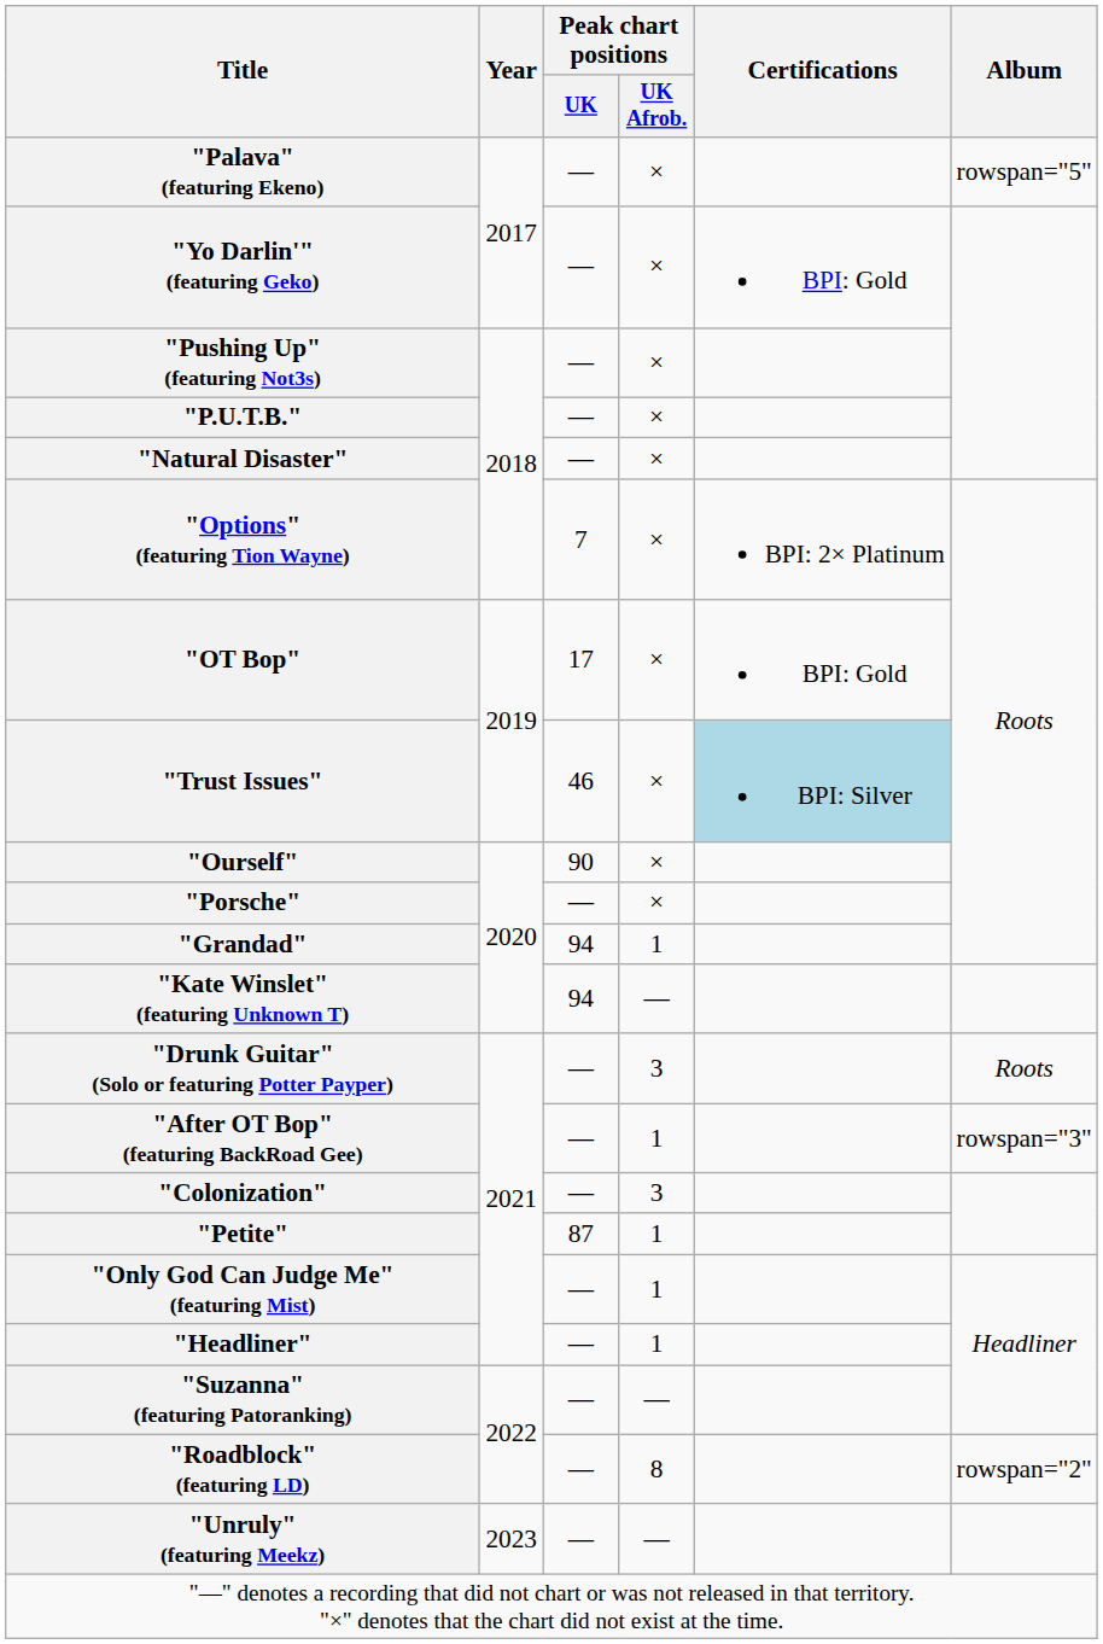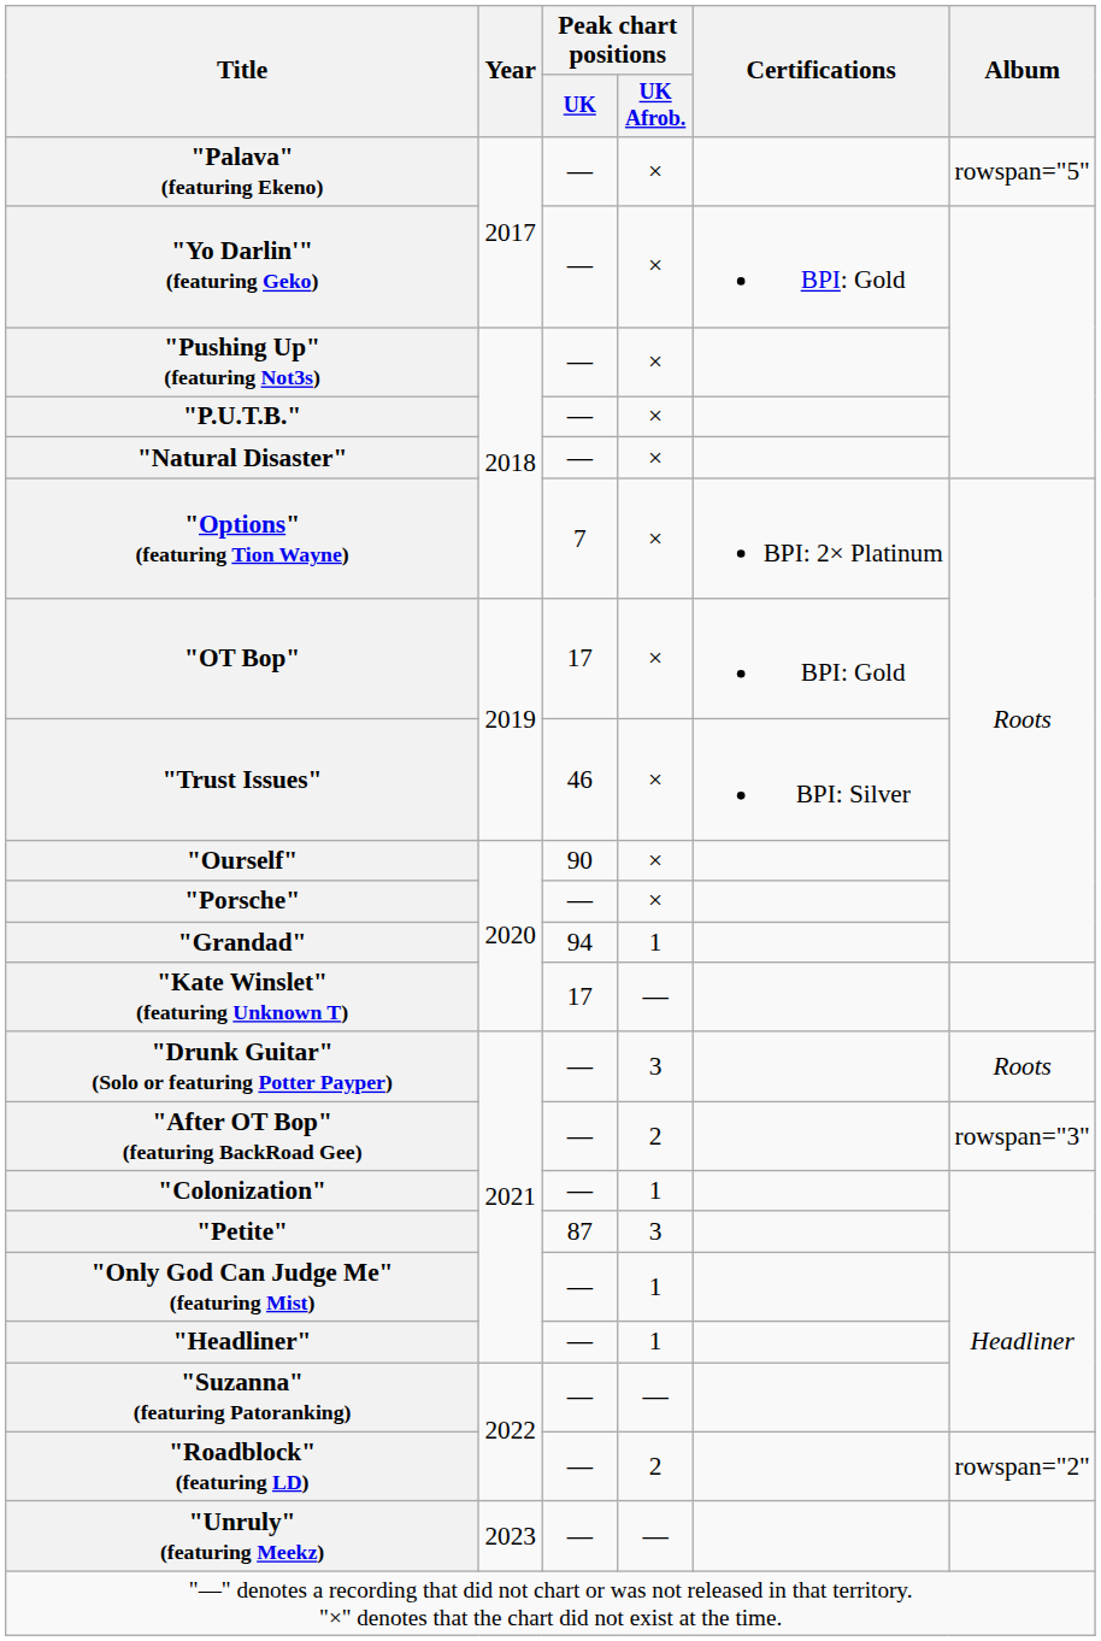 <table class="wikitable plainrowheaders" style="text-align:center;">
 <tr>
 <th scope="col" rowspan="2" style="width:18em;">Title</th>
 <th scope="col" rowspan="2" style="width:1em;">Year</th>
 <th scope="col" colspan="2">Peak chart positions</th>
 <th scope="col" rowspan="2">Certifications</th>
 <th scope="col" rowspan="2">Album</th>
 </tr>
 <tr>
 <th scope="col" style="width:3em;font-size:85%;"><a href='#'>UK</a><br></th>
 <th scope="col" style="width:3em;font-size:85%;"><a href='#'>UK<br>Afrob.</a><br></th>
 </tr>
 <tr>
 <th scope="row">"Palava"<br><small>(featuring Ekeno)</small></th>
 <td rowspan="2">2017</td>
 <td>—</td>
 <td>×</td>
 <td></td>
 <td>rowspan="5" </td>
 </tr>
 <tr>
 <th scope="row">"Yo Darlin'"<br><small>(featuring <a href='#'>Geko</a>)</small></th>
 <td>—</td>
 <td>×</td>
 <td><br><ul><li><a href='#'>BPI</a>: Gold</li></ul></td>
 </tr>
 <tr>
 <th scope="row">"Pushing Up"<br><small>(featuring <a href='#'>Not3s</a>)</small></th>
 <td rowspan="4">2018</td>
 <td>—</td>
 <td>×</td>
 <td></td>
 </tr>
 <tr>
 <th scope="row">"P.U.T.B."</th>
 <td>—</td>
 <td>×</td>
 <td></td>
 </tr>
 <tr>
 <th scope="row">"Natural Disaster"</th>
 <td>—</td>
 <td>×</td>
 <td></td>
 </tr>
 <tr>
 <th scope="row">"<a href='#'>Options</a>"<br><small>(featuring <a href='#'>Tion Wayne</a>)</small></th>
 <td>7</td>
 <td>×</td>
 <td><br><ul><li>BPI: 2× Platinum</li></ul></td>
 <td rowspan="6"><em>Roots</em></td>
 </tr>
 <tr>
 <th scope="row">"OT Bop"</th>
 <td rowspan="2">2019</td>
 <td>17</td>
 <td>×</td>
 <td><br><ul><li>BPI: Gold</li></ul></td>
 </tr>
 <tr>
 <th scope="row">"Trust Issues"</th>
 <td>46</td>
 <td>×</td>
-<td style="background: lightblue;"><br><ul><li>BPI: Silver</li></ul></td>
+<td><br><ul><li>BPI: Silver</li></ul></td>
 </tr>
 <tr>
 <th scope="row">"Ourself"</th>
 <td rowspan="4">2020</td>
 <td>90</td>
 <td>×</td>
 <td></td>
 </tr>
 <tr>
 <th scope="row">"Porsche"</th>
 <td>—</td>
 <td>×</td>
 <td></td>
 </tr>
 <tr>
 <th scope="row">"Grandad"</th>
 <td>94</td>
 <td>1</td>
 <td></td>
 </tr>
 <tr>
 <th scope="row">"Kate Winslet"<br><small>(featuring <a href='#'>Unknown T</a>)</small></th>
-<td>94</td>
+<td>17</td>
 <td>—</td>
 <td></td>
 <td></td>
 </tr>
 <tr>
 <th scope="row">"Drunk Guitar"<br><small>(Solo or featuring <a href='#'>Potter Payper</a>)</small></th>
 <td rowspan="6">2021</td>
 <td>—</td>
 <td>3</td>
 <td></td>
 <td><em>Roots</em></td>
 </tr>
 <tr>
 <th scope="row">"After OT Bop"<br><small>(featuring BackRoad Gee)</small></th>
 <td>—</td>
-<td>1</td>
+<td>2</td>
 <td></td>
 <td>rowspan="3" </td>
 </tr>
 <tr>
 <th scope="row">"Colonization"</th>
 <td>—</td>
-<td>3</td>
+<td>1</td>
 <td></td>
 </tr>
 <tr>
 <th scope="row">"Petite"</th>
 <td>87</td>
-<td>1</td>
+<td>3</td>
 <td></td>
 </tr>
 <tr>
 <th scope="row">"Only God Can Judge Me"<br><small>(featuring <a href='#'>Mist</a>)</small></th>
 <td>—</td>
 <td>1</td>
 <td></td>
 <td rowspan="3"><em>Headliner</em></td>
 </tr>
 <tr>
 <th scope="row">"Headliner"</th>
 <td>—</td>
 <td>1</td>
 <td></td>
 </tr>
 <tr>
 <th scope="row">"Suzanna"<br><small>(featuring Patoranking)</small></th>
 <td rowspan="2">2022</td>
 <td>—</td>
 <td>—</td>
 <td></td>
 </tr>
 <tr>
 <th scope="row">"Roadblock"<br><small>(featuring <a href='#'>LD</a>)</small></th>
 <td>—</td>
-<td>8</td>
+<td>2</td>
 <td></td>
 <td>rowspan="2" </td>
 </tr>
 <tr>
 <th scope="row">"Unruly"<br><small>(featuring <a href='#'>Meekz</a>)</small></th>
 <td rowspan="1">2023</td>
 <td>—</td>
 <td>—</td>
 <td></td>
 </tr>
 <tr>
 <td colspan="6" style="font-size:90%">"—" denotes a recording that did not chart or was not released in that territory.<br>"×" denotes that the chart did not exist at the time.</td>
 </tr>
 </table>
